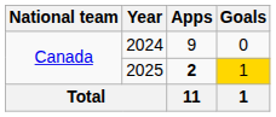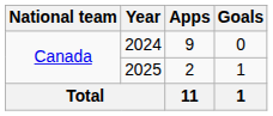 <table class="wikitable" style="text-align:center">
 <tr>
 <th>National team</th>
 <th>Year</th>
 <th>Apps</th>
 <th>Goals</th>
 </tr>
 <tr>
 <td rowspan="2"><a href='#'>Canada</a></td>
 <td>2024</td>
 <td>9</td>
 <td>0</td>
 </tr>
 <tr>
 <td>2025</td>
-<td><strong>2</strong></td>
-<td style="background: gold;">1</td>
+<td>2</td>
+<td>1</td>
 </tr>
 <tr>
 <th colspan="2">Total</th>
 <th>11</th>
 <th>1</th>
 </tr>
 </table>
